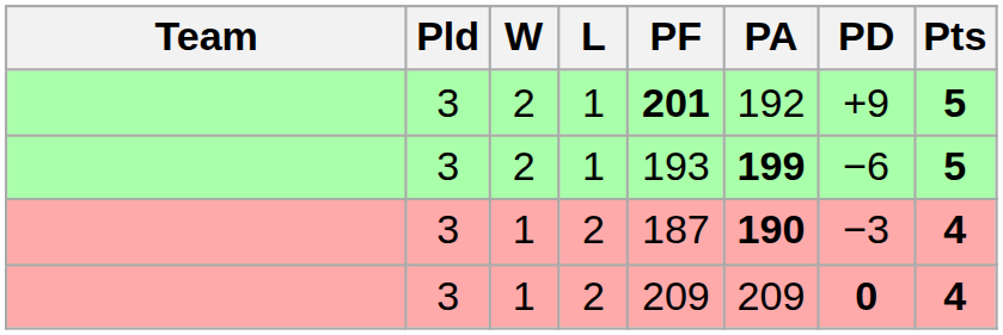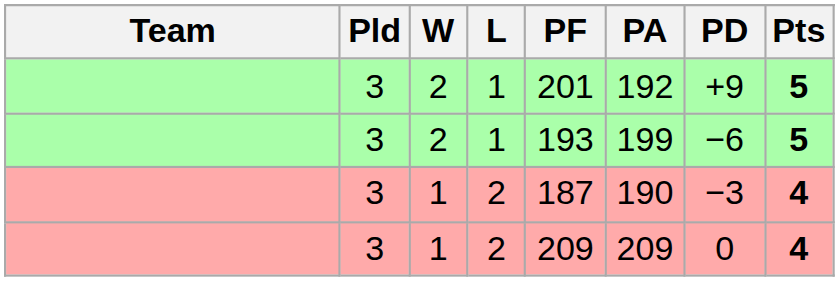 <table class=wikitable>
 <tr align=center>
 </tr>
 <tr>
 <th width=150>Team</th>
 <th width=20>Pld</th>
 <th width=20>W</th>
 <th width=20>L</th>
 <th width=30>PF</th>
 <th width=30>PA</th>
 <th width=30>PD</th>
 <th width=20>Pts</th>
 </tr>
 <tr align=center bgcolor=#aaffaa>
 <td align=left></td>
 <td>3</td>
 <td>2</td>
 <td>1</td>
-<td><strong>201</strong></td>
+<td>201</td>
 <td>192</td>
 <td>+9</td>
 <td><strong>5</strong></td>
 </tr>
 <tr align=center bgcolor=#aaffaa>
 <td align=left></td>
 <td>3</td>
 <td>2</td>
 <td>1</td>
 <td>193</td>
-<td><strong>199</strong></td>
+<td>199</td>
 <td>−6</td>
 <td><strong>5</strong></td>
 </tr>
 <tr align=center bgcolor=#ffaaaa>
 <td align=left></td>
 <td>3</td>
 <td>1</td>
 <td>2</td>
 <td>187</td>
-<td><strong>190</strong></td>
+<td>190</td>
 <td>−3</td>
 <td><strong>4</strong></td>
 </tr>
 <tr align=center bgcolor=#ffaaaa>
 <td align=left></td>
 <td>3</td>
 <td>1</td>
 <td>2</td>
 <td>209</td>
 <td>209</td>
-<td><strong>0</strong></td>
+<td>0</td>
 <td><strong>4</strong></td>
 </tr>
 </table>
